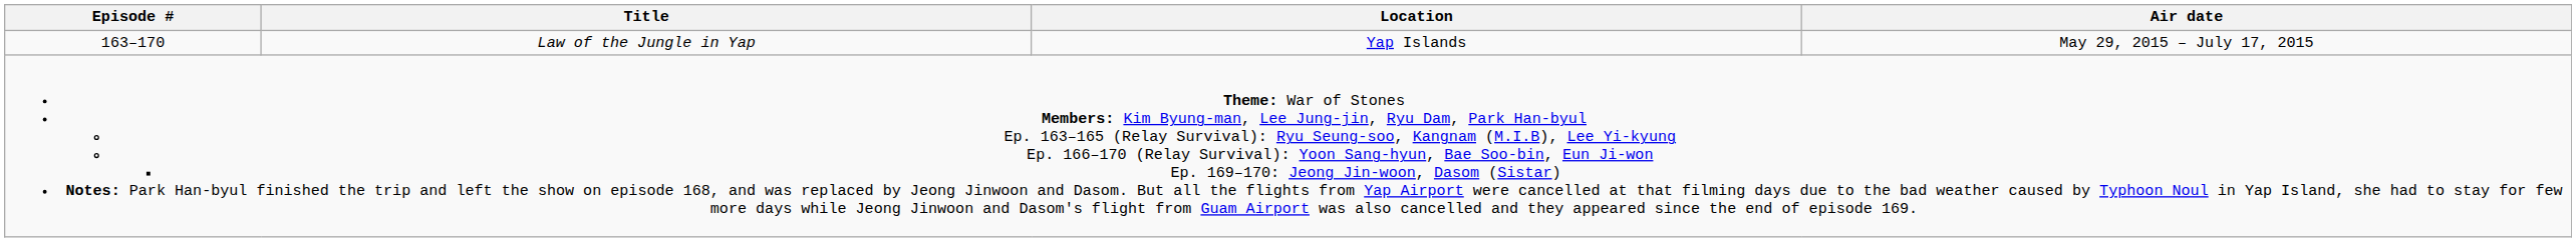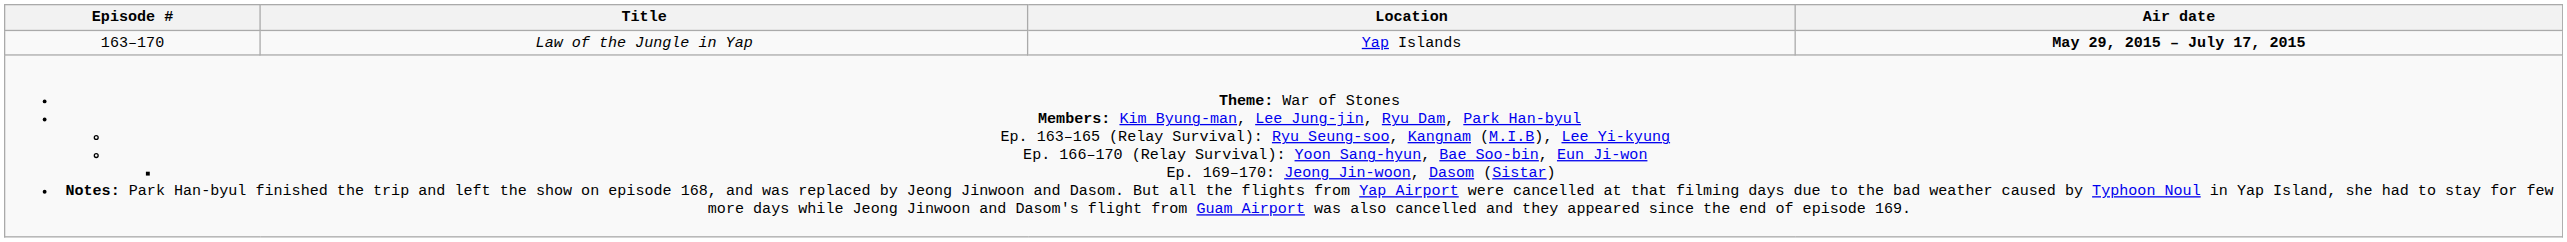 <table class="wikitable" style="text-align:center; font-size:90%; width:100%;">
 <tr>
 <th width="10%">Episode #</th>
 <th width="30%">Title</th>
 <th width="30%">Location</th>
 <th width="30%">Air date</th>
 </tr>
 <tr>
 <td>163–170</td>
 <td><em>Law of the Jungle in Yap</em></td>
 <td><a href='#'>Yap</a> Islands</td>
-<td>May 29, 2015 – July 17, 2015</td>
+<td><strong>May 29, 2015 – July 17, 2015</strong></td>
 </tr>
 <tr>
 <td colspan="4"><br><ul><li><strong>Theme:</strong> War of Stones</li><li><strong>Members:</strong> <a href='#'>Kim Byung-man</a>, <a href='#'>Lee Jung-jin</a>, <a href='#'>Ryu Dam</a>, <a href='#'>Park Han-byul</a><ul><li>Ep. 163–165 (Relay Survival): <a href='#'>Ryu Seung-soo</a>, <a href='#'>Kangnam</a> (<a href='#'>M.I.B</a>), <a href='#'>Lee Yi-kyung</a></li><li>Ep. 166–170 (Relay Survival): <a href='#'>Yoon Sang-hyun</a>, <a href='#'>Bae Soo-bin</a>, <a href='#'>Eun Ji-won</a><ul><li>Ep. 169–170: <a href='#'>Jeong Jin-woon</a>, <a href='#'>Dasom</a> (<a href='#'>Sistar</a>)</li></ul></li></ul></li><li><strong>Notes:</strong> Park Han-byul finished the trip and left the show on episode 168, and was replaced by Jeong Jinwoon and Dasom. But all the flights from <a href='#'>Yap Airport</a> were cancelled at that filming days due to the bad weather caused by <a href='#'>Typhoon Noul</a> in Yap Island, she had to stay for few more days while Jeong Jinwoon and Dasom's flight from <a href='#'>Guam Airport</a> was also cancelled and they appeared since the end of episode 169.</li></ul></td>
 </tr>
 </table>
